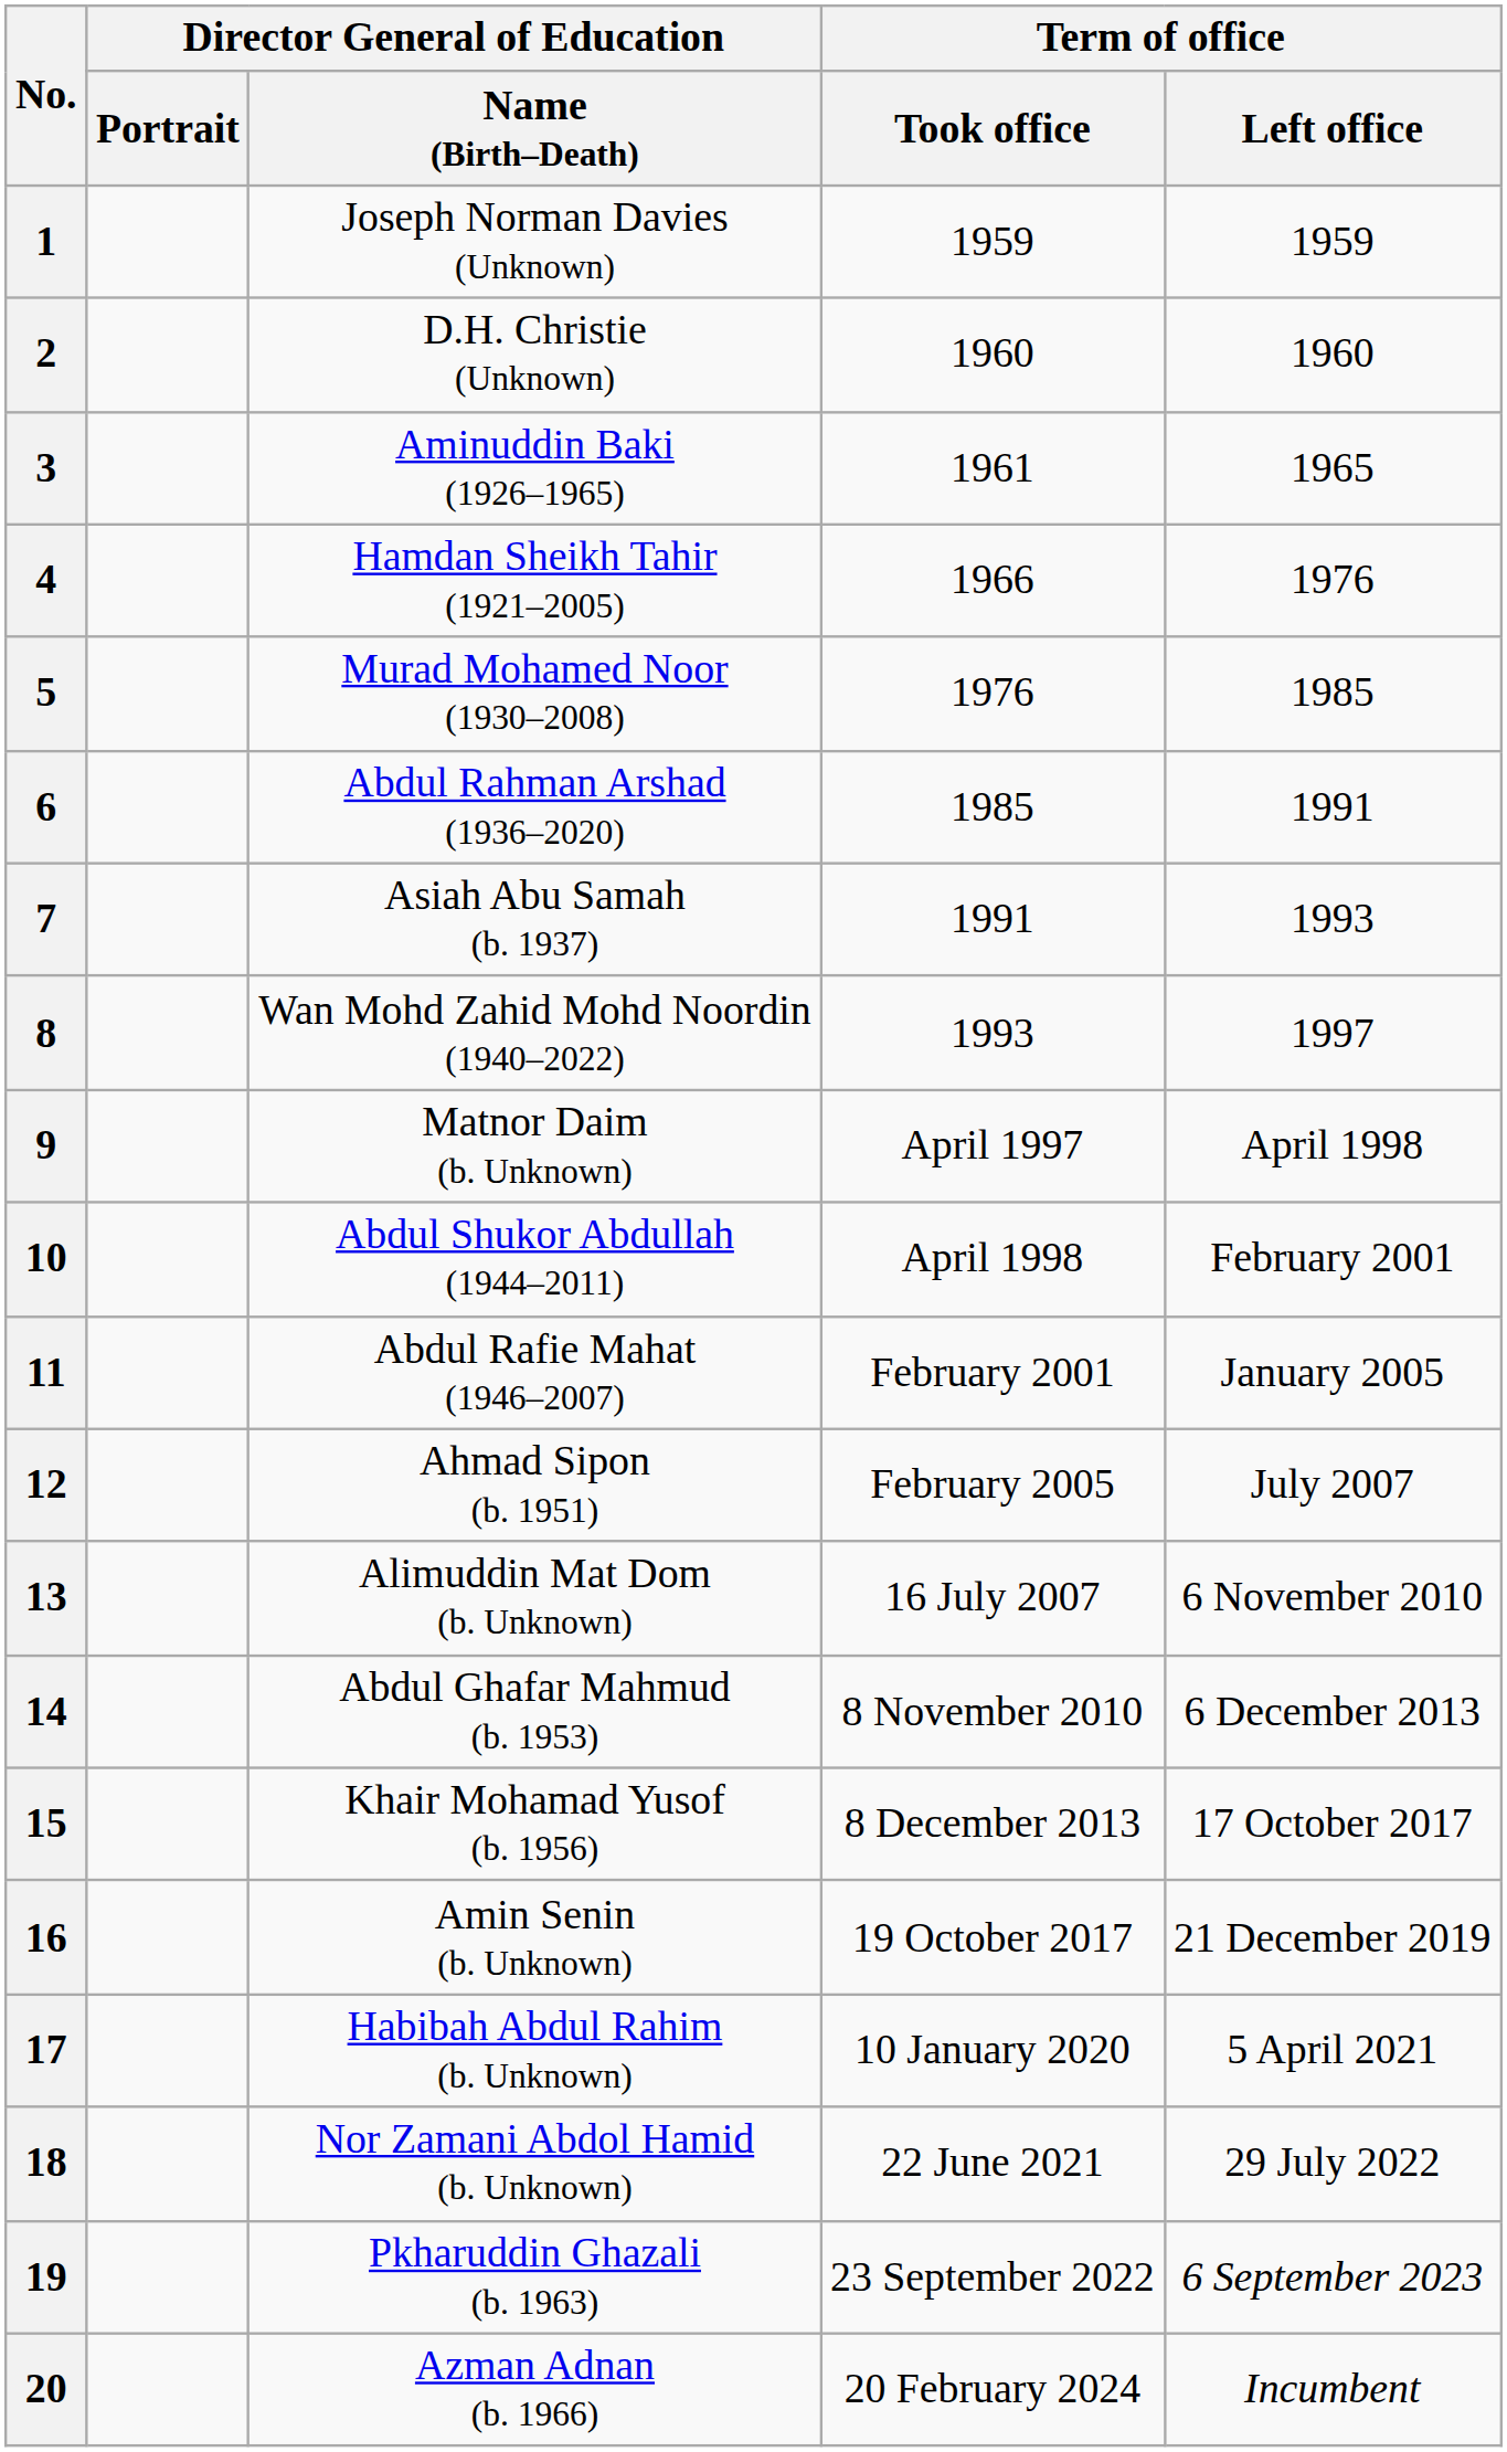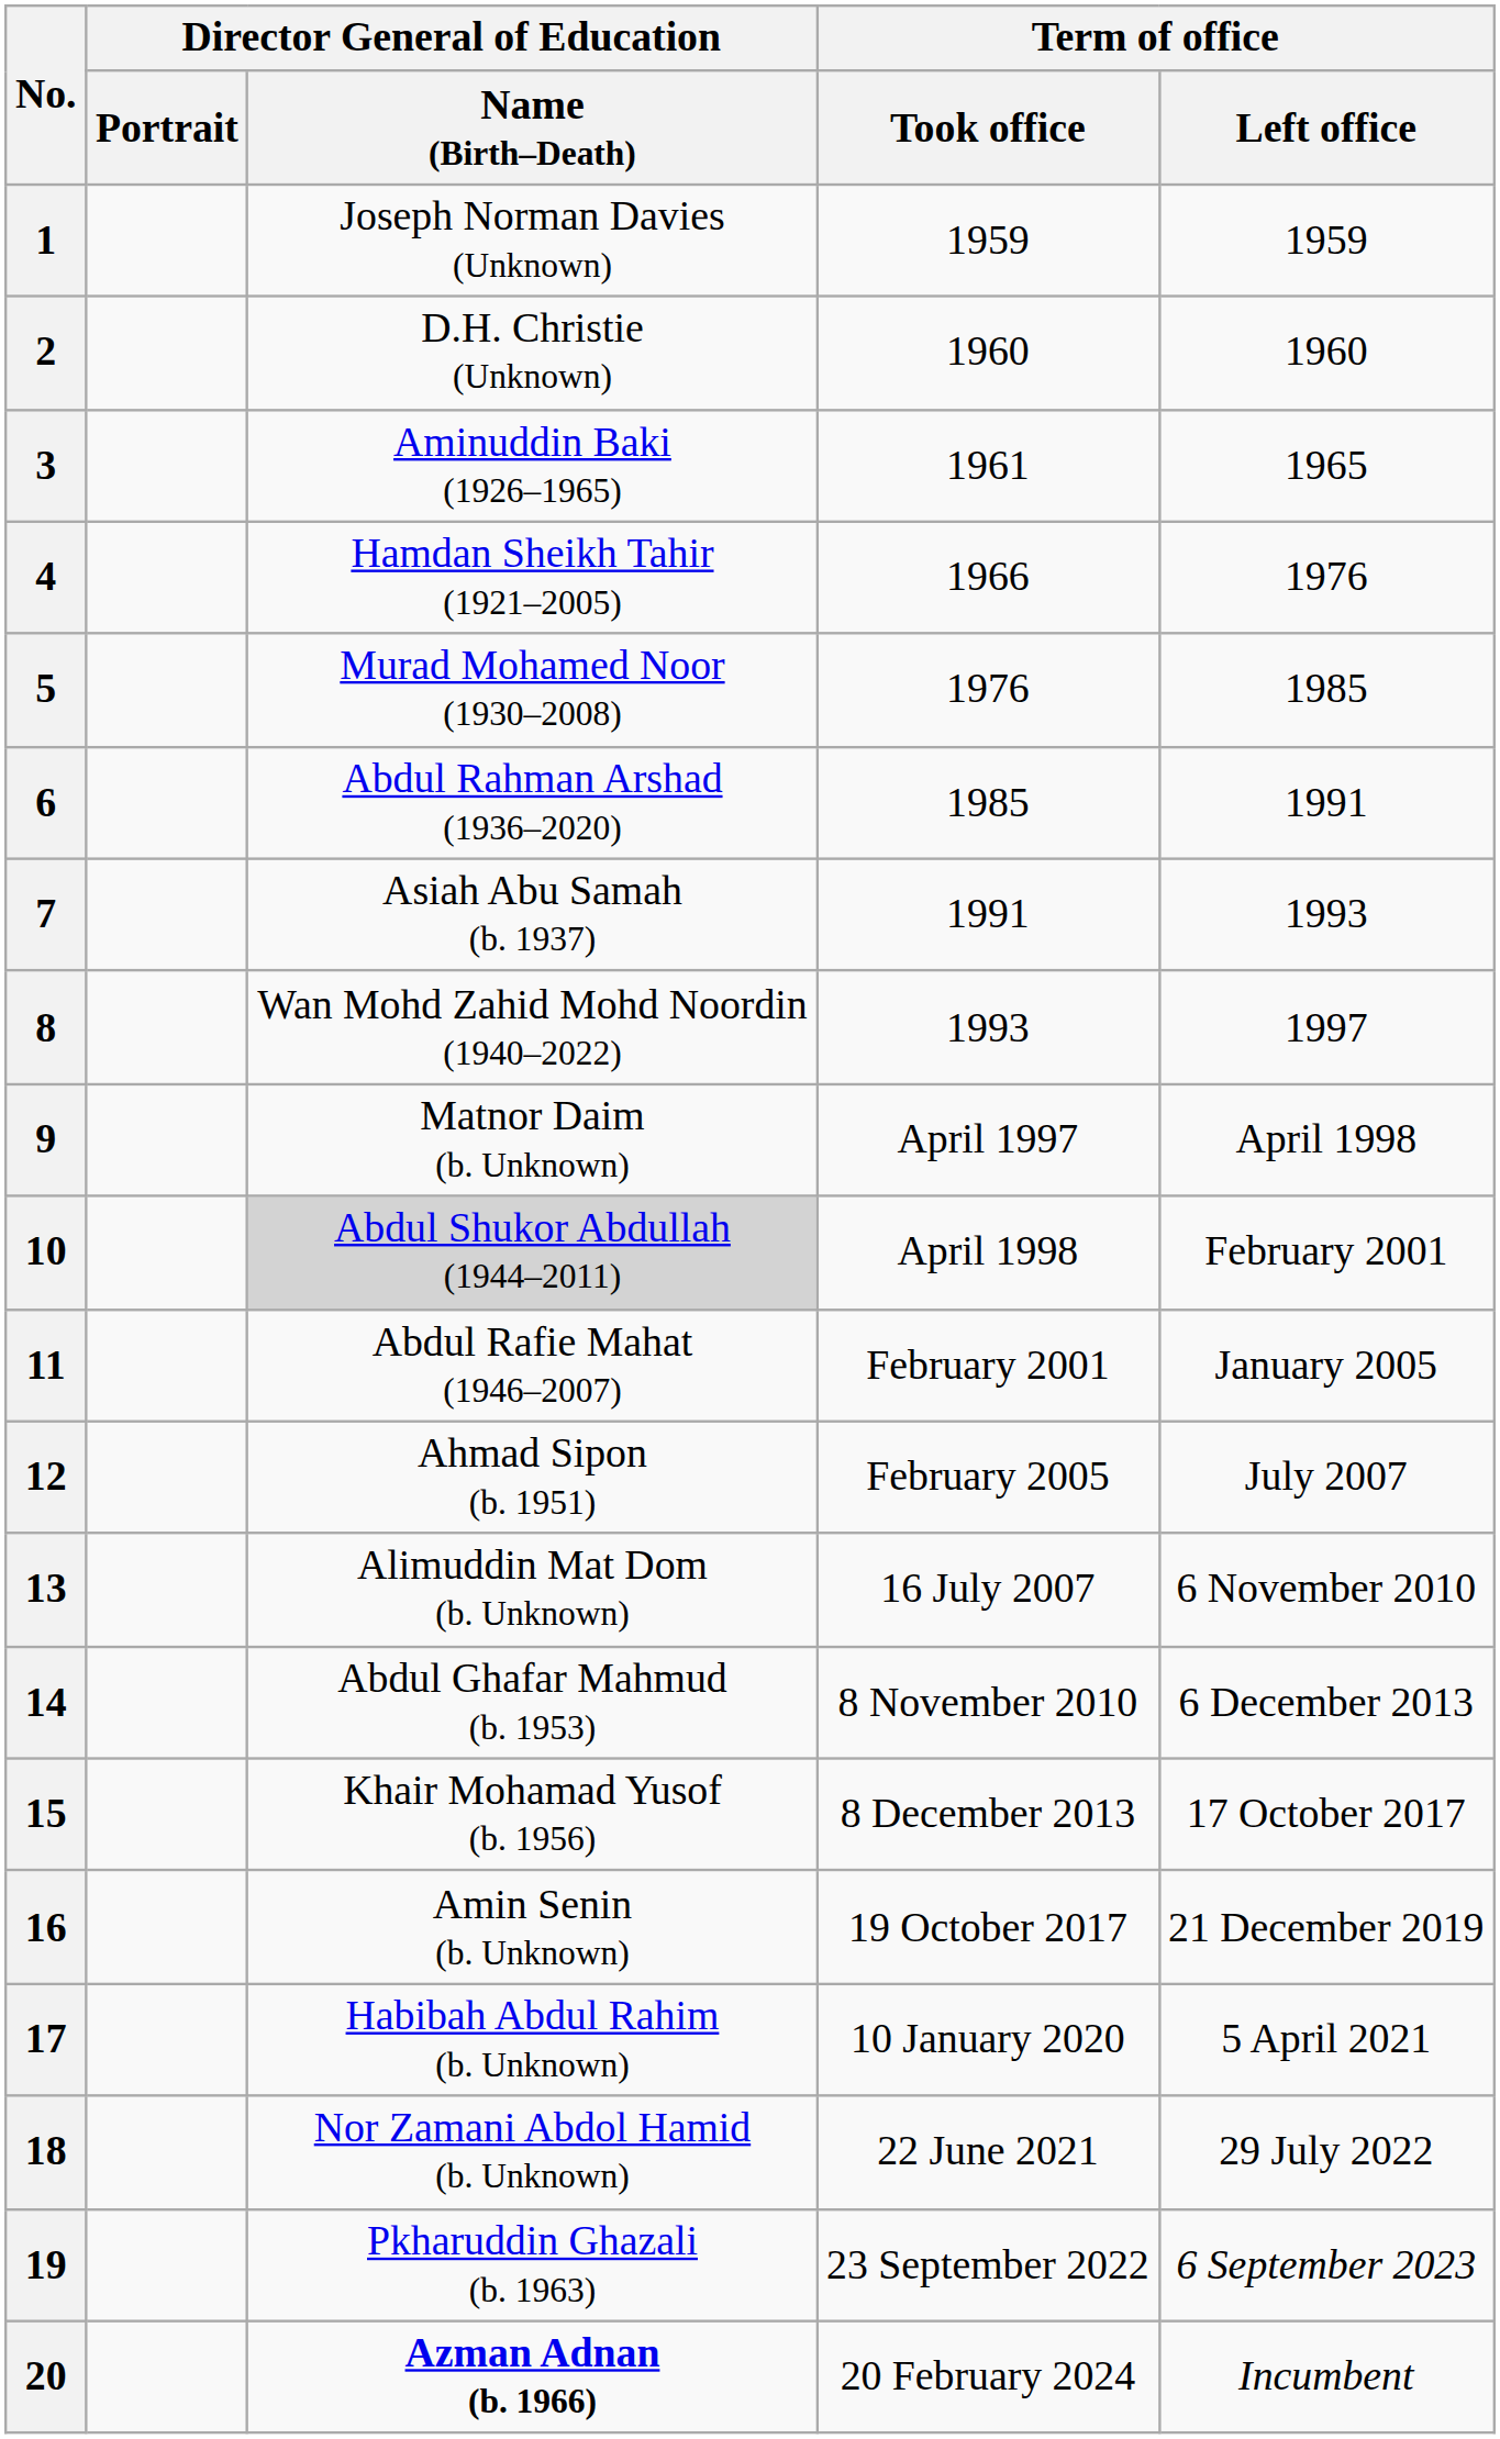 <table class="wikitable" style="text-align:center;">
 <tr>
 <th rowspan=2>No.</th>
 <th colspan=2>Director General of Education</th>
 <th colspan=2>Term of office</th>
 </tr>
 <tr>
 <th>Portrait</th>
 <th>Name<br><small>(Birth–Death)</small></th>
 <th>Took office</th>
 <th>Left office</th>
 </tr>
 <tr>
 <th>1</th>
 <td></td>
 <td>Joseph Norman Davies<br><small>(Unknown)</small></td>
 <td>1959</td>
 <td>1959</td>
 </tr>
 <tr>
 <th>2</th>
 <td></td>
 <td>D.H. Christie<br><small>(Unknown)</small></td>
 <td>1960</td>
 <td>1960</td>
 </tr>
 <tr>
 <th>3</th>
 <td></td>
 <td><a href='#'>Aminuddin Baki</a><br><small>(1926–1965)</small></td>
 <td>1961</td>
 <td>1965</td>
 </tr>
 <tr>
 <th>4</th>
 <td></td>
 <td><a href='#'>Hamdan Sheikh Tahir</a><br><small>(1921–2005)</small></td>
 <td>1966</td>
 <td>1976</td>
 </tr>
 <tr>
 <th>5</th>
 <td></td>
 <td><a href='#'>Murad Mohamed Noor</a><br><small>(1930–2008)</small></td>
 <td>1976</td>
 <td>1985</td>
 </tr>
 <tr>
 <th>6</th>
 <td></td>
 <td><a href='#'>Abdul Rahman Arshad</a><br><small>(1936–2020)</small></td>
 <td>1985</td>
 <td>1991</td>
 </tr>
 <tr>
 <th>7</th>
 <td></td>
 <td>Asiah Abu Samah<br><small>(b. 1937)</small></td>
 <td>1991</td>
 <td>1993</td>
 </tr>
 <tr>
 <th>8</th>
 <td></td>
 <td>Wan Mohd Zahid Mohd Noordin<br><small>(1940–2022)</small></td>
 <td>1993</td>
 <td>1997</td>
 </tr>
 <tr>
 <th>9</th>
 <td></td>
 <td>Matnor Daim<br><small>(b. Unknown)</small></td>
 <td>April 1997</td>
 <td>April 1998</td>
 </tr>
 <tr>
 <th>10</th>
 <td></td>
-<td><a href='#'>Abdul Shukor Abdullah</a><br><small>(1944–2011)</small></td>
+<td style="background: lightgrey;"><a href='#'>Abdul Shukor Abdullah</a><br><small>(1944–2011)</small></td>
 <td>April 1998</td>
 <td>February 2001</td>
 </tr>
 <tr>
 <th>11</th>
 <td></td>
 <td>Abdul Rafie Mahat<br><small>(1946–2007)</small></td>
 <td>February 2001</td>
 <td>January 2005</td>
 </tr>
 <tr>
 <th>12</th>
 <td></td>
 <td>Ahmad Sipon<br><small>(b. 1951)</small></td>
 <td>February 2005</td>
 <td>July 2007</td>
 </tr>
 <tr>
 <th>13</th>
 <td></td>
 <td>Alimuddin Mat Dom<br><small>(b. Unknown)</small></td>
 <td>16 July 2007</td>
 <td>6 November 2010</td>
 </tr>
 <tr>
 <th>14</th>
 <td></td>
 <td>Abdul Ghafar Mahmud<br><small>(b. 1953)</small></td>
 <td>8 November 2010</td>
 <td>6 December 2013</td>
 </tr>
 <tr>
 <th>15</th>
 <td></td>
 <td>Khair Mohamad Yusof<br><small>(b. 1956)</small></td>
 <td>8 December 2013</td>
 <td>17 October 2017</td>
 </tr>
 <tr>
 <th>16</th>
 <td></td>
 <td>Amin Senin<br><small>(b. Unknown)</small></td>
 <td>19 October 2017</td>
 <td>21 December 2019</td>
 </tr>
 <tr>
 <th>17</th>
 <td></td>
 <td><a href='#'>Habibah Abdul Rahim</a><br><small>(b. Unknown)</small></td>
 <td>10 January 2020</td>
 <td>5 April 2021</td>
 </tr>
 <tr>
 <th>18</th>
 <td></td>
 <td><a href='#'>Nor Zamani Abdol Hamid</a><br><small>(b. Unknown)</small></td>
 <td>22 June 2021</td>
 <td>29 July 2022</td>
 </tr>
 <tr>
 <th>19</th>
 <td></td>
 <td><a href='#'>Pkharuddin Ghazali</a> <br><small>(b. 1963)</small></td>
 <td>23 September 2022</td>
 <td><em>6 September 2023</em></td>
 </tr>
 <tr>
 <th>20</th>
 <td></td>
-<td><a href='#'>Azman Adnan</a><br><small>(b. 1966)</small></td>
+<td><strong><a href='#'>Azman Adnan</a><br><small>(b. 1966)</small></strong></td>
 <td>20 February 2024</td>
 <td><em>Incumbent</em></td>
 </tr>
 </table>
